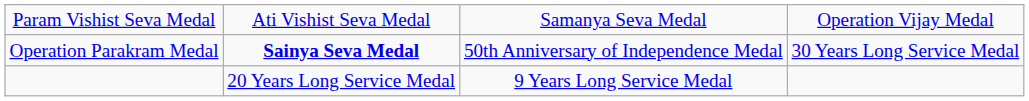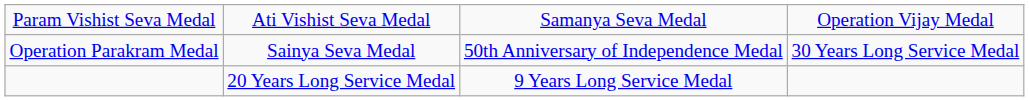 <table class="wikitable" style="margin:1em auto; text-align:center;">
 <tr>
 <td><a href='#'>Param Vishist Seva Medal</a></td>
 <td><a href='#'>Ati Vishist Seva Medal</a></td>
 <td><a href='#'>Samanya Seva Medal</a></td>
 <td><a href='#'>Operation Vijay Medal</a></td>
 </tr>
 <tr>
 <td><a href='#'>Operation Parakram Medal</a></td>
-<td><strong><a href='#'>Sainya Seva Medal</a></strong></td>
+<td><a href='#'>Sainya Seva Medal</a></td>
 <td><a href='#'>50th Anniversary of Independence Medal</a></td>
 <td><a href='#'>30 Years Long Service Medal</a></td>
 </tr>
 <tr>
 <td></td>
 <td><a href='#'>20 Years Long Service Medal</a></td>
 <td><a href='#'>9 Years Long Service Medal</a></td>
 <td></td>
 </tr>
 </table>
